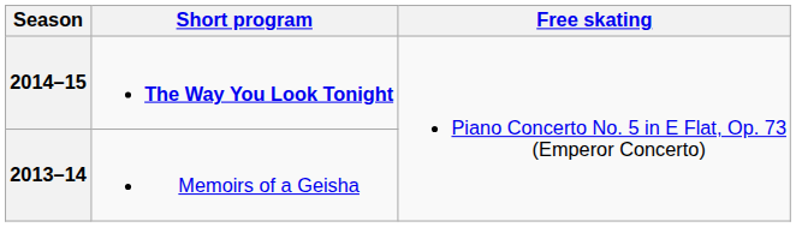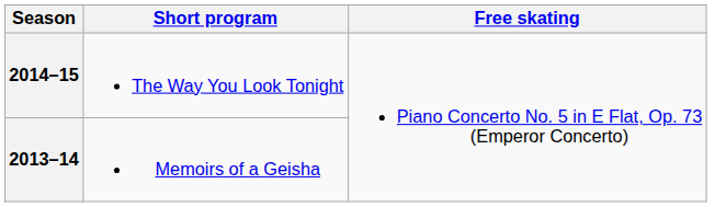 <table class=wikitable style=text-align:center>
 <tr>
 <th>Season</th>
 <th><a href='#'>Short program</a></th>
 <th><a href='#'>Free skating</a></th>
 </tr>
 <tr>
 <th>2014–15 <br> </th>
-<td><strong><br><ul><li><a href='#'>The Way You Look Tonight</a> <br></li></ul></strong></td>
+<td><br><ul><li><a href='#'>The Way You Look Tonight</a> <br></li></ul></td>
 <td rowspan=2><br><ul><li><a href='#'>Piano Concerto No. 5 in E Flat, Op. 73</a> <br> (Emperor Concerto) <br></li></ul></td>
 </tr>
 <tr>
 <th>2013–14 <br> </th>
 <td><br><ul><li><a href='#'>Memoirs of a Geisha</a> <br></li></ul></td>
 </tr>
 </table>
